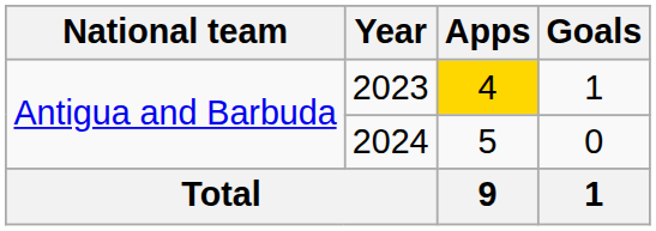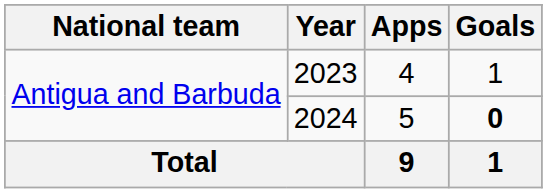 <table class="wikitable" style="text-align: center;">
 <tr>
 <th>National team</th>
 <th>Year</th>
 <th>Apps</th>
 <th>Goals</th>
 </tr>
 <tr>
 <td rowspan="2"><a href='#'>Antigua and Barbuda</a></td>
 <td>2023</td>
-<td style="background: gold;">4</td>
+<td>4</td>
 <td>1</td>
 </tr>
 <tr>
 <td>2024</td>
 <td>5</td>
-<td>0</td>
+<td><strong>0</strong></td>
 </tr>
 <tr>
 <th colspan="2">Total</th>
 <th>9</th>
 <th>1</th>
 </tr>
 </table>
